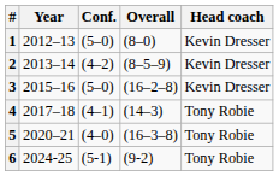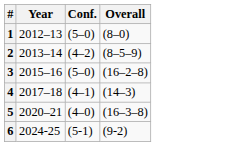 <table class="wikitable">
 <tr>
 <th width=px>#</th>
 <th width=px>Year</th>
 <th width=px>Conf.</th>
 <th width=px>Overall</th>
-<th width=px>Head coach</th>
 </tr>
 <tr>
 <th>1</th>
 <td>2012–13</td>
 <td>(5–0)</td>
 <td>(8–0)</td>
-<td>Kevin Dresser</td>
 </tr>
 <tr>
 <th>2</th>
 <td>2013–14</td>
 <td>(4–2)</td>
 <td>(8–5–9)</td>
-<td>Kevin Dresser</td>
 </tr>
 <tr>
 <th>3</th>
 <td>2015–16</td>
 <td>(5–0)</td>
 <td>(16–2–8)</td>
-<td>Kevin Dresser</td>
 </tr>
 <tr>
 <th>4</th>
 <td>2017–18</td>
 <td>(4–1)</td>
 <td>(14–3)</td>
-<td>Tony Robie</td>
 </tr>
 <tr>
 <th>5</th>
 <td>2020–21</td>
 <td>(4–0)</td>
 <td>(16–3–8)</td>
-<td>Tony Robie</td>
 </tr>
 <tr>
 <th>6</th>
 <td>2024-25</td>
 <td>(5-1)</td>
 <td>(9-2)</td>
-<td>Tony Robie</td>
 </tr>
 </table>
